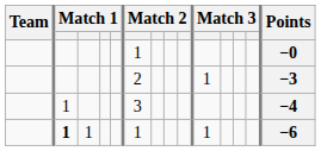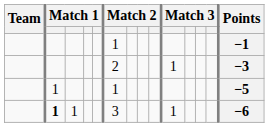 <table class="wikitable sortable" style="text-align:center;">
 <tr>
 <th rowspan=2>Team</th>
 <th colspan=4 style="border-left:3px solid gray">Match 1</th>
 <th colspan=4 style="border-left:3px solid gray">Match 2</th>
 <th colspan=4 style="border-left:3px solid gray">Match 3</th>
 <th rowspan=2 style="border-left:3px solid gray">Points</th>
 </tr>
 <tr>
 <th style="border-left:3px solid gray"></th>
 <th></th>
 <th></th>
 <th></th>
 <th style="border-left:3px solid gray"></th>
 <th></th>
 <th></th>
 <th></th>
 <th style="border-left:3px solid gray"></th>
 <th></th>
 <th></th>
 <th></th>
 </tr>
 <tr>
 <td align=left></td>
 <td style="border-left:3px solid gray"></td>
 <td></td>
 <td></td>
 <td></td>
 <td style="border-left:3px solid gray">1</td>
 <td></td>
 <td></td>
 <td></td>
 <td style="border-left:3px solid gray"></td>
 <td></td>
 <td></td>
 <td></td>
-<th style="border-left:3px solid gray">−0</th>
+<th style="border-left:3px solid gray">−1</th>
 </tr>
 <tr>
 <td align=left></td>
 <td style="border-left:3px solid gray"></td>
 <td></td>
 <td></td>
 <td></td>
 <td style="border-left:3px solid gray">2</td>
 <td></td>
 <td></td>
 <td></td>
 <td style="border-left:3px solid gray">1</td>
 <td></td>
 <td></td>
 <td></td>
 <th style="border-left:3px solid gray">−3</th>
 </tr>
 <tr>
 <td align=left></td>
 <td style="border-left:3px solid gray">1</td>
 <td></td>
 <td></td>
 <td></td>
-<td style="border-left:3px solid gray">3</td>
+<td style="border-left:3px solid gray">1</td>
 <td></td>
 <td></td>
 <td></td>
 <td style="border-left:3px solid gray"></td>
 <td></td>
 <td></td>
 <td></td>
-<th style="border-left:3px solid gray">−4</th>
+<th style="border-left:3px solid gray">−5</th>
 </tr>
 <tr>
 <td align=left></td>
 <td style="border-left:3px solid gray"><strong>1</strong></td>
 <td>1</td>
 <td></td>
 <td></td>
-<td style="border-left:3px solid gray">1</td>
+<td style="border-left:3px solid gray">3</td>
 <td></td>
 <td></td>
 <td></td>
 <td style="border-left:3px solid gray">1</td>
 <td></td>
 <td></td>
 <td></td>
 <th style="border-left:3px solid gray">−6</th>
 </tr>
 </table>
